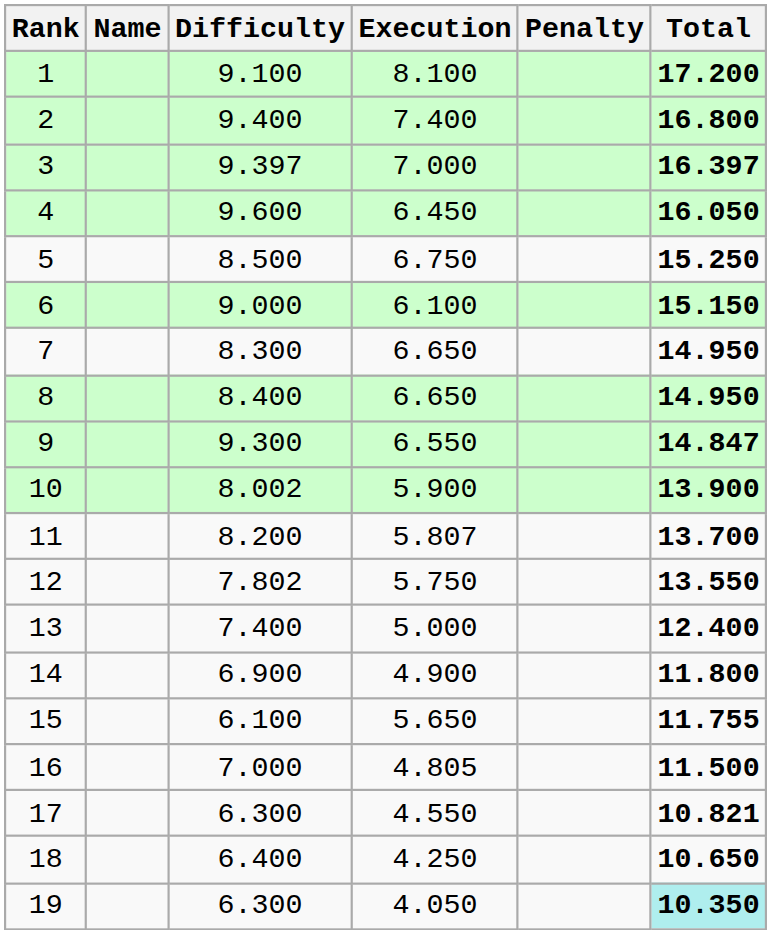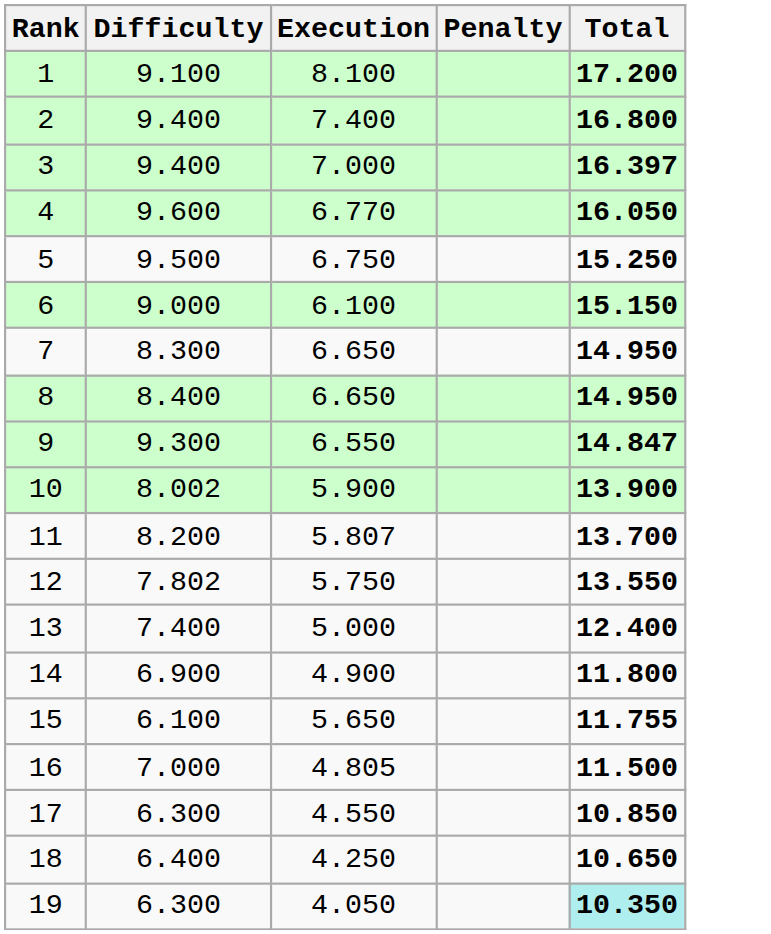 <table class="wikitable sortable" style="text-align:center">
 <tr>
 <th>Rank</th>
-<th>Name</th>
 <th>Difficulty</th>
 <th>Execution</th>
 <th>Penalty</th>
 <th>Total</th>
 </tr>
 <tr bgcolor=ccffcc>
 <td>1</td>
-<td align="left"></td>
 <td>9.100</td>
 <td>8.100</td>
 <td></td>
 <td><strong>17.200</strong></td>
 </tr>
 <tr bgcolor=ccffcc>
 <td>2</td>
-<td align="left"></td>
 <td>9.400</td>
 <td>7.400</td>
 <td></td>
 <td><strong>16.800</strong></td>
 </tr>
 <tr bgcolor=ccffcc>
 <td>3</td>
-<td align="left"></td>
-<td>9.397</td>
+<td>9.400</td>
 <td>7.000</td>
 <td></td>
 <td><strong>16.397</strong></td>
 </tr>
 <tr bgcolor=ccffcc>
 <td>4</td>
-<td align="left"></td>
 <td>9.600</td>
-<td>6.450</td>
+<td>6.770</td>
 <td></td>
 <td><strong>16.050</strong></td>
 </tr>
 <tr>
 <td>5</td>
-<td align="left"></td>
-<td>8.500</td>
+<td>9.500</td>
 <td>6.750</td>
 <td></td>
 <td><strong>15.250</strong></td>
 </tr>
 <tr bgcolor=ccffcc>
 <td>6</td>
-<td align="left"></td>
 <td>9.000</td>
 <td>6.100</td>
 <td></td>
 <td><strong>15.150</strong></td>
 </tr>
 <tr>
 <td>7</td>
-<td align="left"></td>
 <td>8.300</td>
 <td>6.650</td>
 <td></td>
 <td><strong>14.950</strong></td>
 </tr>
 <tr bgcolor=ccffcc>
 <td>8</td>
-<td align="left"></td>
 <td>8.400</td>
 <td>6.650</td>
 <td></td>
 <td><strong>14.950</strong></td>
 </tr>
 <tr bgcolor=ccffcc>
 <td>9</td>
-<td align="left"></td>
 <td>9.300</td>
 <td>6.550</td>
 <td></td>
 <td><strong>14.847</strong></td>
 </tr>
 <tr bgcolor=ccffcc>
 <td>10</td>
-<td align="left"></td>
 <td>8.002</td>
 <td>5.900</td>
 <td></td>
 <td><strong>13.900</strong></td>
 </tr>
 <tr>
 <td>11</td>
-<td align="left"></td>
 <td>8.200</td>
 <td>5.807</td>
 <td></td>
 <td><strong>13.700</strong></td>
 </tr>
 <tr>
 <td>12</td>
-<td align="left"></td>
 <td>7.802</td>
 <td>5.750</td>
 <td></td>
 <td><strong>13.550</strong></td>
 </tr>
 <tr>
 <td>13</td>
-<td align="left"></td>
 <td>7.400</td>
 <td>5.000</td>
 <td></td>
 <td><strong>12.400</strong></td>
 </tr>
 <tr>
 <td>14</td>
-<td align="left"></td>
 <td>6.900</td>
 <td>4.900</td>
 <td></td>
 <td><strong>11.800</strong></td>
 </tr>
 <tr>
 <td>15</td>
-<td align="left"></td>
 <td>6.100</td>
 <td>5.650</td>
 <td></td>
 <td><strong>11.755</strong></td>
 </tr>
 <tr>
 <td>16</td>
-<td align="left"></td>
 <td>7.000</td>
 <td>4.805</td>
 <td></td>
 <td><strong>11.500</strong></td>
 </tr>
 <tr>
 <td>17</td>
-<td align="left"></td>
 <td>6.300</td>
 <td>4.550</td>
 <td></td>
-<td><strong>10.821</strong></td>
+<td><strong>10.850</strong></td>
 </tr>
 <tr>
 <td>18</td>
-<td align="left"></td>
 <td>6.400</td>
 <td>4.250</td>
 <td></td>
 <td><strong>10.650</strong></td>
 </tr>
 <tr>
 <td>19</td>
-<td align="left"></td>
 <td>6.300</td>
 <td>4.050</td>
 <td></td>
 <td style="background: paleturquoise;"><strong>10.350</strong></td>
 </tr>
 </table>
